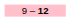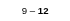 <table style="text-align:center">
 <tr>
 <th width=200></th>
 <th width=100></th>
 <th width=200></th>
 </tr>
 <tr>
 <td align=right></td>
-<td style="background: pink;">9 – <strong>12</strong></td>
+<td>9 – <strong>12</strong></td>
 <td align=left><strong></strong></td>
 </tr>
 </table>
